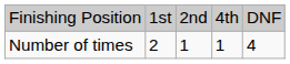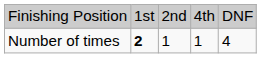 <table class="wikitable">
 <tr style="background:#CCCCCC;">
 <td>Finishing Position</td>
 <td>1st</td>
 <td>2nd</td>
 <td>4th</td>
 <td>DNF</td>
 </tr>
 <tr>
 <td>Number of times</td>
-<td>2</td>
+<td><strong>2</strong></td>
 <td>1</td>
 <td>1</td>
 <td>4</td>
 </tr>
 </table>
